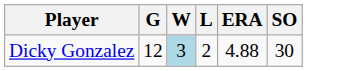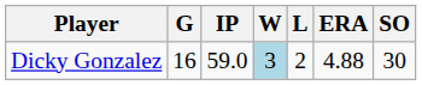 <table class="wikitable sortable">
 <tr>
 <th>Player</th>
 <th>G</th>
+<th>IP</th>
 <th>W</th>
 <th>L</th>
 <th>ERA</th>
 <th>SO</th>
 </tr>
 <tr align=center>
 <td><a href='#'>Dicky Gonzalez</a></td>
-<td>12</td>
+<td>16</td>
+<td>59.0</td>
 <td style="background: lightblue;">3</td>
 <td>2</td>
 <td>4.88</td>
 <td>30</td>
 </tr>
 </table>
